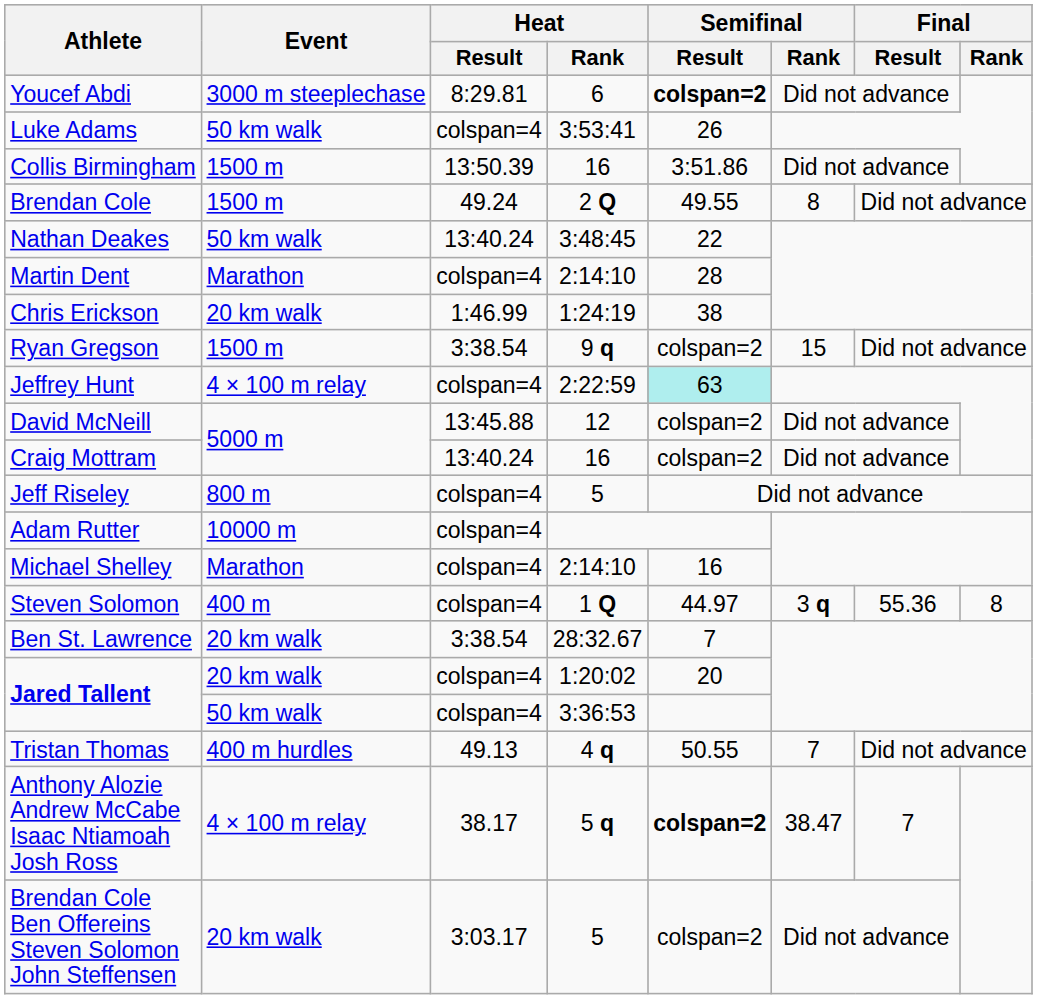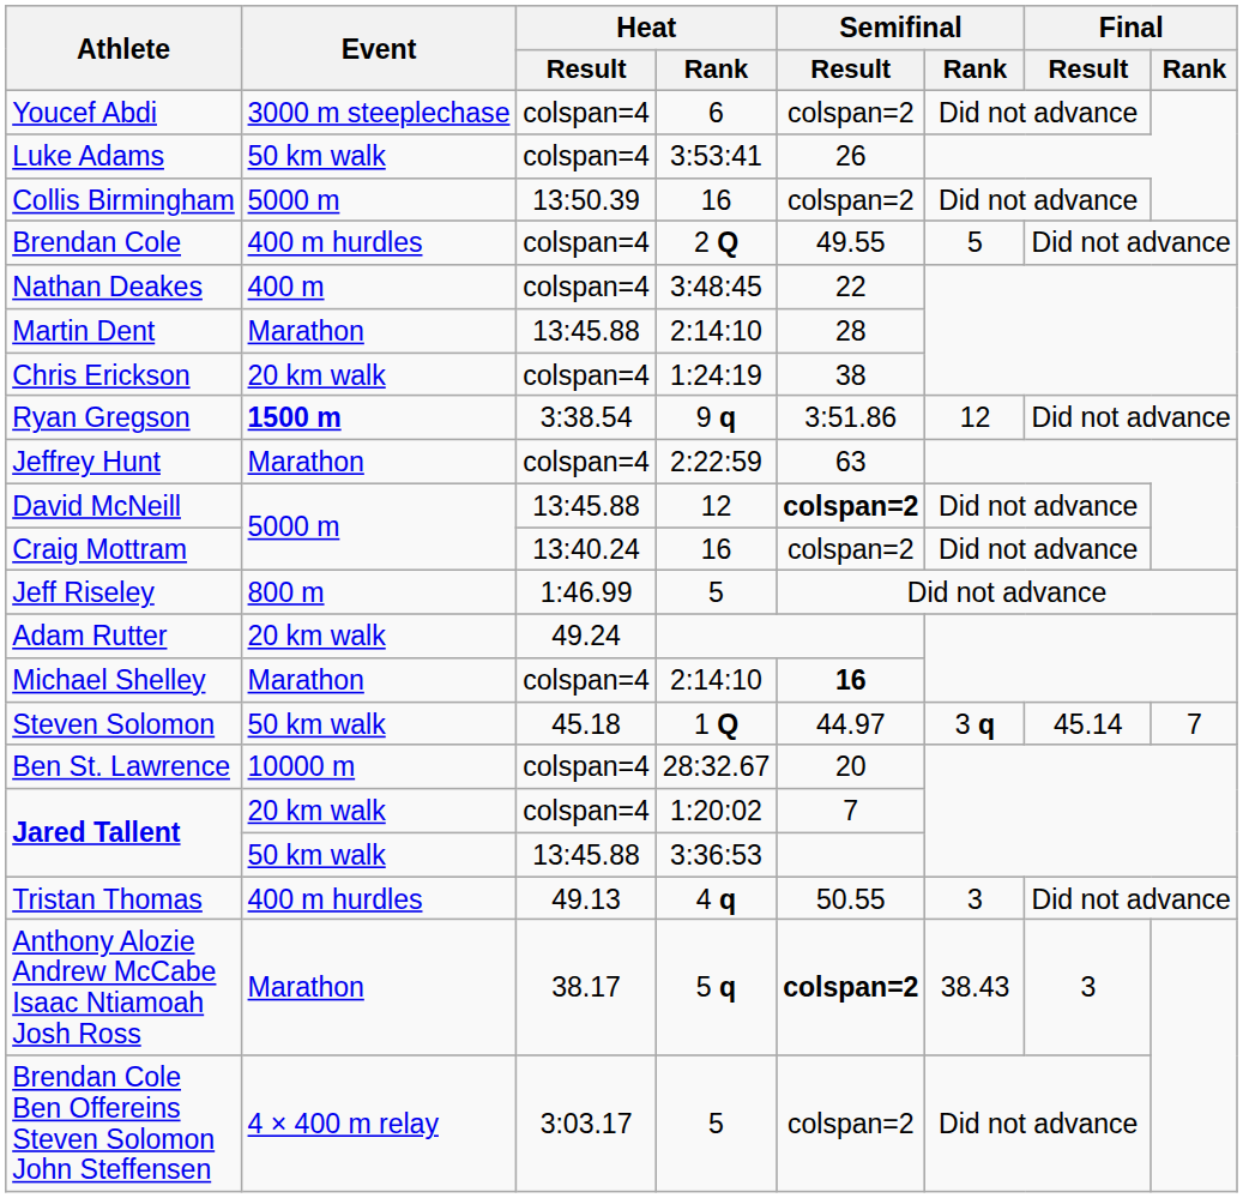 <table class="wikitable" style="font-size:90%">
 <tr>
 <th rowspan="2">Athlete</th>
 <th rowspan="2">Event</th>
 <th colspan="2">Heat</th>
 <th colspan="2">Semifinal</th>
 <th colspan="2">Final</th>
 </tr>
 <tr style="font-size:95%">
 <th>Result</th>
 <th>Rank</th>
 <th>Result</th>
 <th>Rank</th>
 <th>Result</th>
 <th>Rank</th>
 </tr>
 <tr align=center>
 <td align=left><a href='#'>Youcef Abdi</a></td>
 <td align=left><a href='#'>3000 m steeplechase</a></td>
-<td>8:29.81</td>
+<td>colspan=4 </td>
 <td>6</td>
-<td><strong>colspan=2 </strong></td>
+<td>colspan=2 </td>
 <td colspan=2>Did not advance</td>
 </tr>
 <tr align=center>
 <td align=left><a href='#'>Luke Adams</a></td>
 <td align=left><a href='#'>50 km walk</a></td>
 <td>colspan=4 </td>
 <td>3:53:41</td>
 <td>26</td>
 </tr>
 <tr align=center>
 <td align=left><a href='#'>Collis Birmingham</a></td>
-<td align=left><a href='#'>1500 m</a></td>
+<td align=left><a href='#'>5000 m</a></td>
 <td>13:50.39</td>
 <td>16</td>
-<td>3:51.86</td>
+<td>colspan=2 </td>
 <td colspan=2>Did not advance</td>
 </tr>
 <tr align=center>
 <td align=left><a href='#'>Brendan Cole</a></td>
-<td align=left><a href='#'>1500 m</a></td>
-<td>49.24</td>
+<td align=left><a href='#'>400 m hurdles</a></td>
+<td>colspan=4 </td>
 <td>2 <strong>Q</strong></td>
 <td>49.55</td>
-<td>8</td>
+<td>5</td>
 <td colspan=2>Did not advance</td>
 </tr>
 <tr align=center>
 <td align=left><a href='#'>Nathan Deakes</a></td>
-<td align=left><a href='#'>50 km walk</a></td>
-<td>13:40.24</td>
+<td align=left><a href='#'>400 m</a></td>
+<td>colspan=4 </td>
 <td>3:48:45</td>
 <td>22</td>
 </tr>
 <tr align=center>
 <td align=left><a href='#'>Martin Dent</a></td>
 <td align=left><a href='#'>Marathon</a></td>
-<td>colspan=4 </td>
+<td>13:45.88</td>
 <td>2:14:10</td>
 <td>28</td>
 </tr>
 <tr align=center>
 <td align=left><a href='#'>Chris Erickson</a></td>
 <td align=left><a href='#'>20 km walk</a></td>
-<td>1:46.99</td>
+<td>colspan=4 </td>
 <td>1:24:19</td>
 <td>38</td>
 </tr>
 <tr align=center>
 <td align=left><a href='#'>Ryan Gregson</a></td>
-<td align=left><a href='#'>1500 m</a></td>
+<td align=left><strong><a href='#'>1500 m</a></strong></td>
 <td>3:38.54</td>
 <td>9 <strong>q</strong></td>
-<td>colspan=2 </td>
-<td>15</td>
+<td>3:51.86</td>
+<td>12</td>
 <td colspan=2>Did not advance</td>
 </tr>
 <tr align=center>
 <td align=left><a href='#'>Jeffrey Hunt</a></td>
-<td align=left><a href='#'>4 × 100 m relay</a></td>
+<td align=left><a href='#'>Marathon</a></td>
 <td>colspan=4 </td>
 <td>2:22:59</td>
-<td style="background: paleturquoise;">63</td>
+<td>63</td>
 </tr>
 <tr align=center>
 <td align=left><a href='#'>David McNeill</a></td>
 <td align=left rowspan=2><a href='#'>5000 m</a></td>
 <td>13:45.88</td>
 <td>12</td>
-<td>colspan=2 </td>
+<td><strong>colspan=2 </strong></td>
 <td colspan=2>Did not advance</td>
 </tr>
 <tr align=center>
 <td align=left><a href='#'>Craig Mottram</a></td>
 <td>13:40.24</td>
 <td>16</td>
 <td>colspan=2 </td>
 <td colspan=2>Did not advance</td>
 </tr>
 <tr align=center>
 <td align=left><a href='#'>Jeff Riseley</a></td>
 <td align=left><a href='#'>800 m</a></td>
-<td>colspan=4 </td>
+<td>1:46.99</td>
 <td>5</td>
 <td colspan=4>Did not advance</td>
 </tr>
 <tr align=center>
 <td align=left><a href='#'>Adam Rutter</a></td>
-<td align=left><a href='#'>10000 m</a></td>
-<td>colspan=4 </td>
+<td align=left><a href='#'>20 km walk</a></td>
+<td>49.24</td>
 <td colspan=2></td>
 </tr>
 <tr align=center>
 <td align=left><a href='#'>Michael Shelley</a></td>
 <td align=left><a href='#'>Marathon</a></td>
 <td>colspan=4 </td>
 <td>2:14:10</td>
-<td>16</td>
+<td><strong>16</strong></td>
 </tr>
 <tr align=center>
 <td align=left><a href='#'>Steven Solomon</a></td>
-<td align=left><a href='#'>400 m</a></td>
-<td>colspan=4 </td>
+<td align=left><a href='#'>50 km walk</a></td>
+<td>45.18</td>
 <td>1 <strong>Q</strong></td>
 <td>44.97</td>
 <td>3 <strong>q</strong></td>
-<td>55.36</td>
-<td>8</td>
+<td>45.14</td>
+<td>7</td>
 </tr>
 <tr align=center>
 <td align=left><a href='#'>Ben St. Lawrence</a></td>
-<td align=left><a href='#'>20 km walk</a></td>
-<td>3:38.54</td>
+<td align=left><a href='#'>10000 m</a></td>
+<td>colspan=4 </td>
 <td>28:32.67</td>
-<td>7</td>
+<td>20</td>
 </tr>
 <tr align=center>
 <td align=left rowspan=2><strong><a href='#'>Jared Tallent</a></strong></td>
 <td align=left><a href='#'>20 km walk</a></td>
 <td>colspan=4 </td>
 <td>1:20:02</td>
-<td>20</td>
+<td>7</td>
 </tr>
 <tr align=center>
 <td align=left><a href='#'>50 km walk</a></td>
-<td>colspan=4 </td>
+<td>13:45.88</td>
 <td>3:36:53</td>
 <td></td>
 </tr>
 <tr align=center>
 <td align=left><a href='#'>Tristan Thomas</a></td>
 <td align=left><a href='#'>400 m hurdles</a></td>
 <td>49.13</td>
 <td>4 <strong>q</strong></td>
 <td>50.55</td>
-<td>7</td>
+<td>3</td>
 <td colspan=2>Did not advance</td>
 </tr>
 <tr align=center>
 <td align=left><a href='#'>Anthony Alozie</a><br><a href='#'>Andrew McCabe</a><br><a href='#'>Isaac Ntiamoah</a><br><a href='#'>Josh Ross</a></td>
-<td align=left><a href='#'>4 × 100 m relay</a></td>
+<td align=left><a href='#'>Marathon</a></td>
 <td>38.17</td>
 <td>5 <strong>q</strong></td>
 <td><strong>colspan=2 </strong></td>
-<td>38.47</td>
-<td>7</td>
+<td>38.43</td>
+<td>3</td>
 </tr>
 <tr align=center>
 <td align=left><a href='#'>Brendan Cole</a><br><a href='#'>Ben Offereins</a><br><a href='#'>Steven Solomon</a><br><a href='#'>John Steffensen</a></td>
-<td align=left><a href='#'>20 km walk</a></td>
+<td align=left><a href='#'>4 × 400 m relay</a></td>
 <td>3:03.17</td>
 <td>5</td>
 <td>colspan=2 </td>
 <td colspan=2>Did not advance</td>
 </tr>
 </table>
